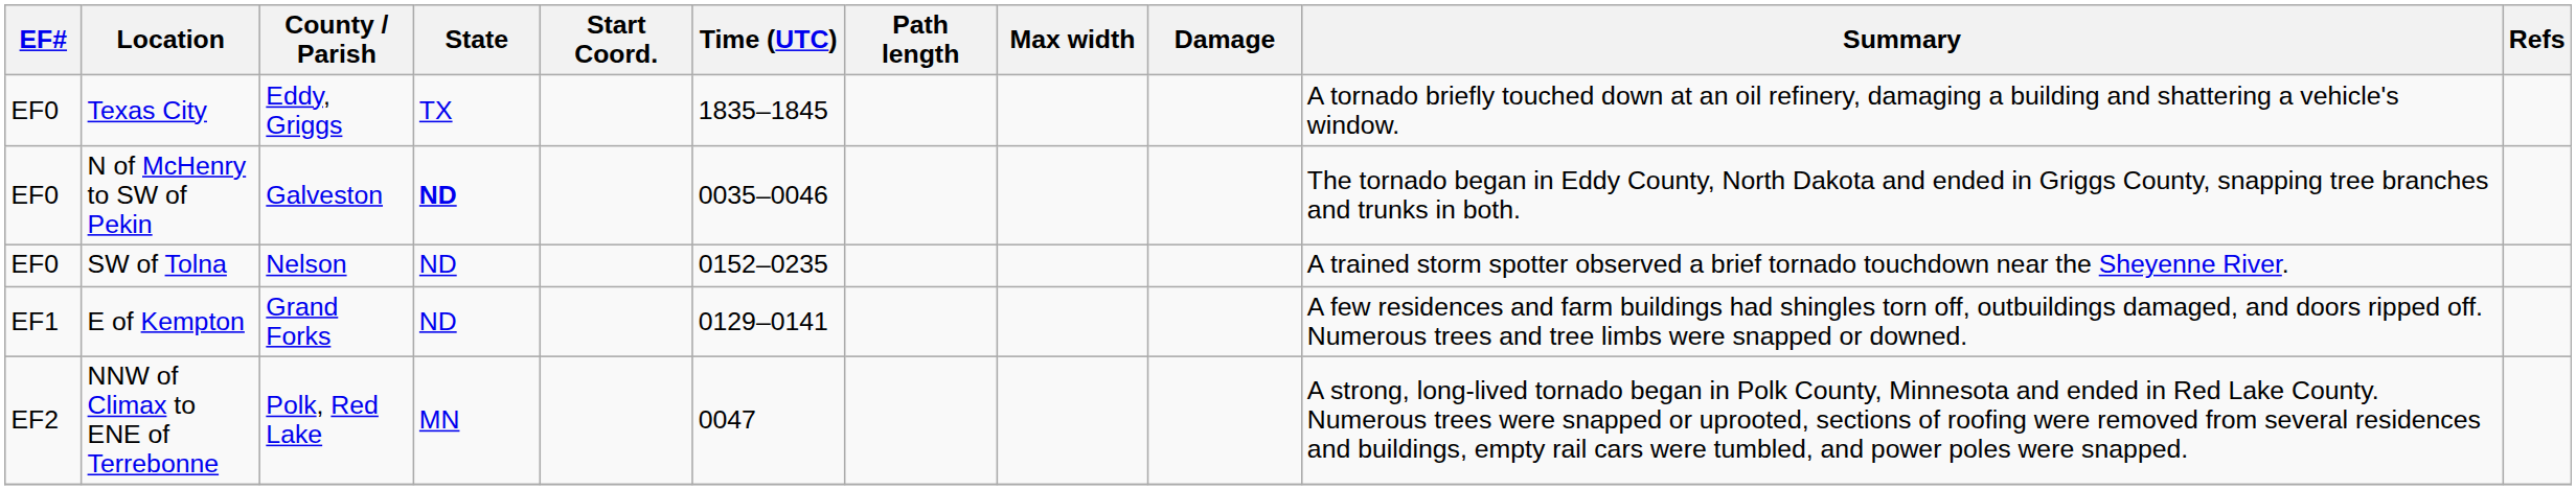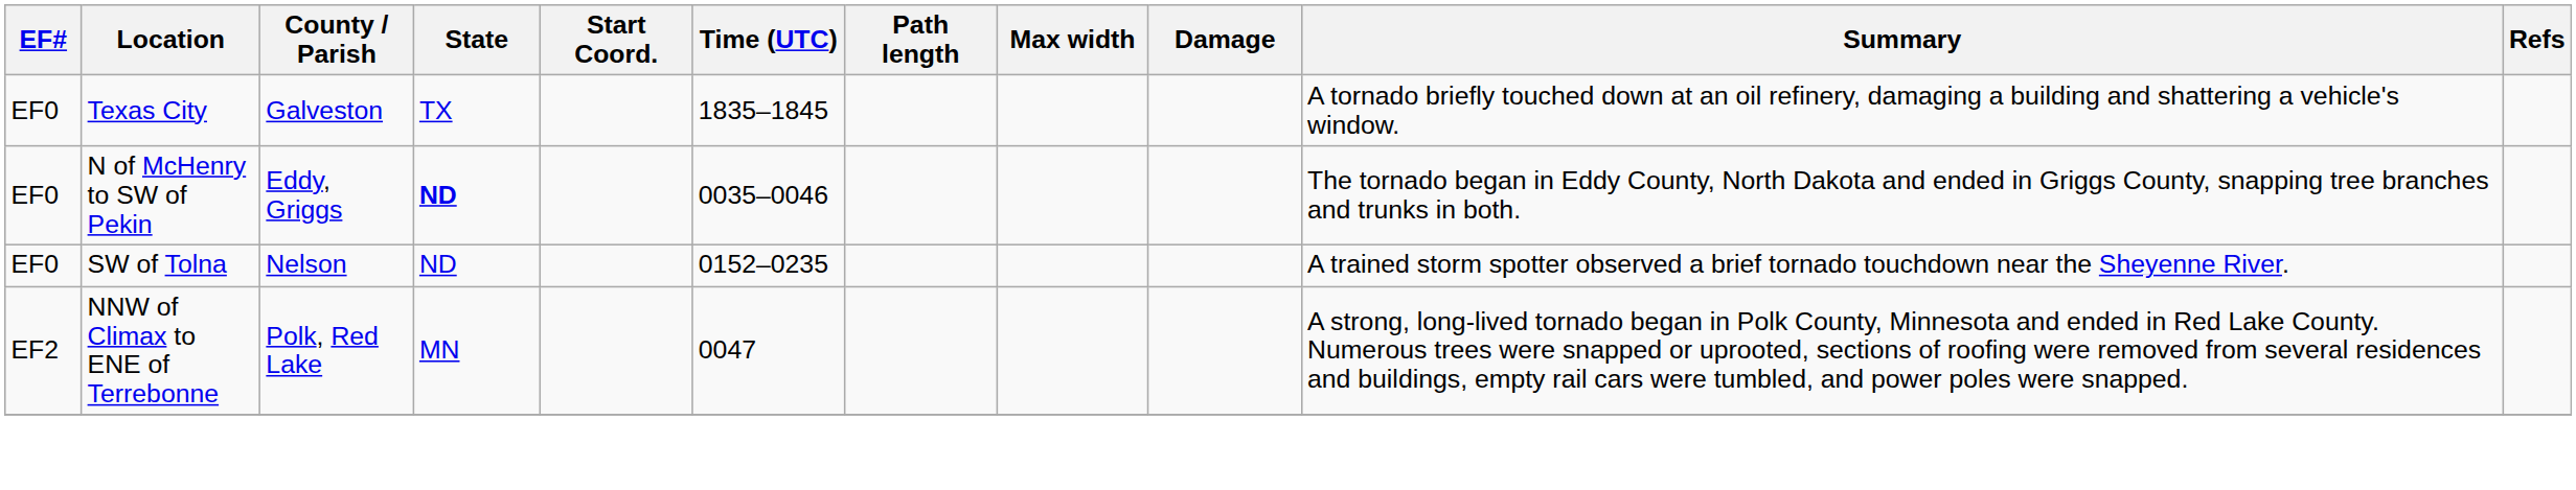 <table class="wikitable sortable" style="width:100%;">
 <tr>
 <th scope="col" width="3%" align="center"><a href='#'>EF#</a></th>
 <th scope="col" width="7%" align="center" class="unsortable">Location</th>
 <th scope="col" width="6%" align="center" class="unsortable">County / Parish</th>
 <th scope="col" width="5%" align="center">State</th>
 <th scope="col" width="6%" align="center">Start Coord.</th>
 <th scope="col" width="6%" align="center">Time (<a href='#'>UTC</a>)</th>
 <th scope="col" width="6%" align="center">Path length</th>
 <th scope="col" width="6%" align="center">Max width</th>
 <th scope="col" width="6%" align="center">Damage</th>
 <th scope="col" width="48%" class="unsortable" align="center">Summary</th>
 <th scope="col" width="48%" class="unsortable" align="center">Refs</th>
 </tr>
 <tr>
 <td>EF0</td>
 <td><a href='#'>Texas City</a></td>
-<td><a href='#'>Eddy</a>, <a href='#'>Griggs</a></td>
+<td><a href='#'>Galveston</a></td>
 <td><a href='#'>TX</a></td>
 <td></td>
 <td>1835–1845</td>
 <td></td>
 <td></td>
 <td></td>
 <td>A tornado briefly touched down at an oil refinery, damaging a building and shattering a vehicle's window.</td>
 <td></td>
 </tr>
 <tr>
 <td>EF0</td>
 <td>N of <a href='#'>McHenry</a> to SW of <a href='#'>Pekin</a></td>
-<td><a href='#'>Galveston</a></td>
+<td><a href='#'>Eddy</a>, <a href='#'>Griggs</a></td>
 <td><strong><a href='#'>ND</a></strong></td>
 <td></td>
 <td>0035–0046</td>
 <td></td>
 <td></td>
 <td></td>
 <td>The tornado began in Eddy County, North Dakota and ended in Griggs County, snapping tree branches and trunks in both.</td>
 <td></td>
 </tr>
 <tr>
 <td>EF0</td>
 <td>SW of <a href='#'>Tolna</a></td>
 <td><a href='#'>Nelson</a></td>
 <td><a href='#'>ND</a></td>
 <td></td>
 <td>0152–0235</td>
 <td></td>
 <td></td>
 <td></td>
 <td>A trained storm spotter observed a brief tornado touchdown near the <a href='#'>Sheyenne River</a>.</td>
 <td></td>
 </tr>
 <tr>
-<td>EF1</td>
-<td>E of <a href='#'>Kempton</a></td>
-<td><a href='#'>Grand Forks</a></td>
-<td><a href='#'>ND</a></td>
-<td></td>
-<td>0129–0141</td>
-<td></td>
-<td></td>
-<td></td>
-<td>A few residences and farm buildings had shingles torn off, outbuildings damaged, and doors ripped off. Numerous trees and tree limbs were snapped or downed.</td>
-<td></td>
-</tr>
-<tr>
 <td>EF2</td>
 <td>NNW of <a href='#'>Climax</a> to ENE of <a href='#'>Terrebonne</a></td>
 <td><a href='#'>Polk</a>, <a href='#'>Red Lake</a></td>
 <td><a href='#'>MN</a></td>
 <td></td>
 <td>0047</td>
 <td></td>
 <td></td>
 <td></td>
 <td>A strong, long-lived tornado began in Polk County, Minnesota and ended in Red Lake County. Numerous trees were snapped or uprooted, sections of roofing were removed from several residences and buildings, empty rail cars were tumbled, and power poles were snapped.</td>
 <td></td>
 </tr>
 <tr>
 </tr>
 </table>
